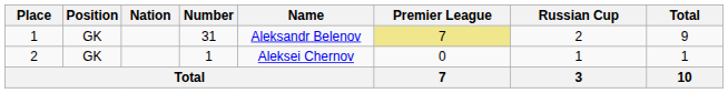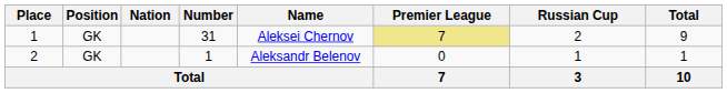 <table class="wikitable" style="font-size: 95%; text-align: center;">
 <tr>
 <th width=60>Place</th>
 <th width=60>Position</th>
 <th width=60>Nation</th>
 <th width=60>Number</th>
 <th width=150>Name</th>
 <th width=150>Premier League</th>
 <th width=150>Russian Cup</th>
 <th width=80>Total</th>
 </tr>
 <tr>
 <td>1</td>
 <td>GK</td>
 <td></td>
 <td>31</td>
-<td><a href='#'>Aleksandr Belenov</a></td>
+<td><a href='#'>Aleksei Chernov</a></td>
 <td style="background: khaki;">7</td>
 <td>2</td>
 <td>9</td>
 </tr>
 <tr>
 <td>2</td>
 <td>GK</td>
 <td></td>
 <td>1</td>
-<td><a href='#'>Aleksei Chernov</a></td>
+<td><a href='#'>Aleksandr Belenov</a></td>
 <td>0</td>
 <td>1</td>
 <td>1</td>
 </tr>
 <tr>
 <th colspan=5>Total</th>
 <th>7</th>
 <th>3</th>
 <th>10</th>
 </tr>
 </table>
